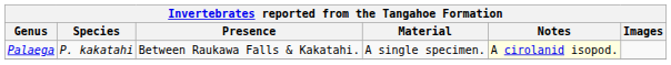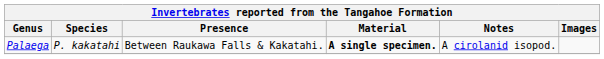 <table class="wikitable" align="center">
 <tr>
 <th colspan="6" align="center"><strong><a href='#'>Invertebrates</a> reported from the Tangahoe Formation</strong></th>
 </tr>
 <tr>
 <th>Genus</th>
 <th>Species</th>
 <th>Presence</th>
 <th><strong>Material</strong></th>
 <th>Notes</th>
 <th>Images</th>
 </tr>
 <tr>
 <td><em><a href='#'>Palaega</a></em></td>
 <td><em>P. kakatahi</em></td>
 <td>Between Raukawa Falls & Kakatahi.</td>
-<td>A single specimen.</td>
-<td style="background: lightyellow;">A <a href='#'>cirolanid</a> isopod.</td>
+<td><strong>A single specimen.</strong></td>
+<td>A <a href='#'>cirolanid</a> isopod.</td>
 <td></td>
 </tr>
 <tr>
 </tr>
 </table>
